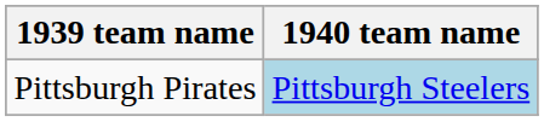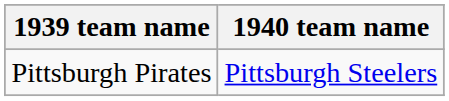 <table class="wikitable">
 <tr>
 <th>1939 team name</th>
 <th>1940 team name</th>
 </tr>
 <tr>
 <td>Pittsburgh Pirates</td>
-<td style="background: lightblue;"><a href='#'>Pittsburgh Steelers</a></td>
+<td><a href='#'>Pittsburgh Steelers</a></td>
 </tr>
 </table>
